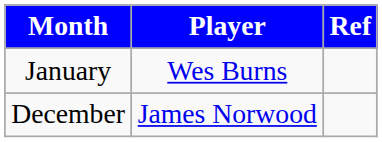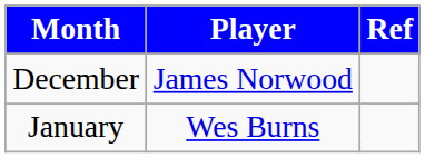 <table class="wikitable" style="text-align:center">
 <tr>
 <th style="background:blue; color:white; width=0%">Month</th>
 <th style="background:blue; color:white; width=0%">Player</th>
 <th style="background:blue; color:white; width=0%">Ref</th>
 </tr>
 <tr>
+<td>December</td>
+<td> <a href='#'>James Norwood</a></td>
+<td></td>
+</tr>
+<tr>
 <td>January</td>
 <td> <a href='#'>Wes Burns</a></td>
 <td></td>
 </tr>
-<tr>
-<td>December</td>
-<td> <a href='#'>James Norwood</a></td>
-<td></td>
-</tr>
 </table>
